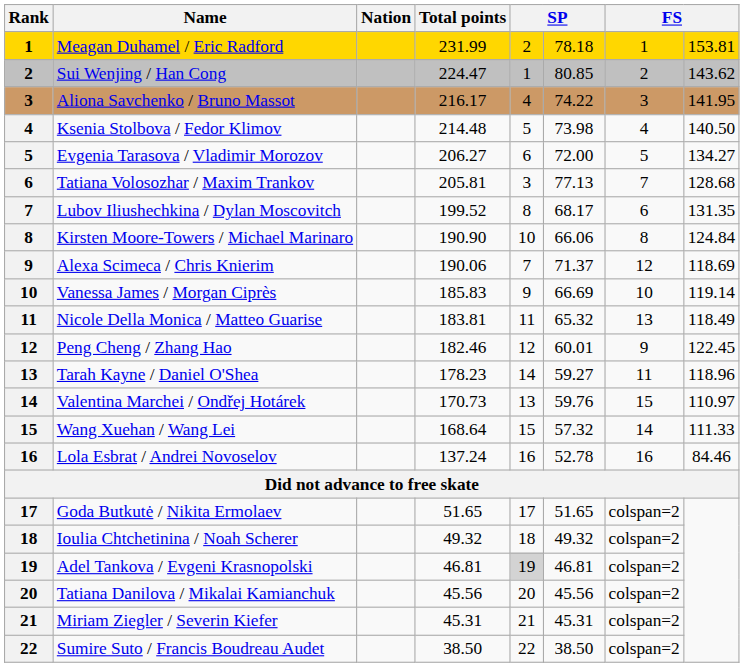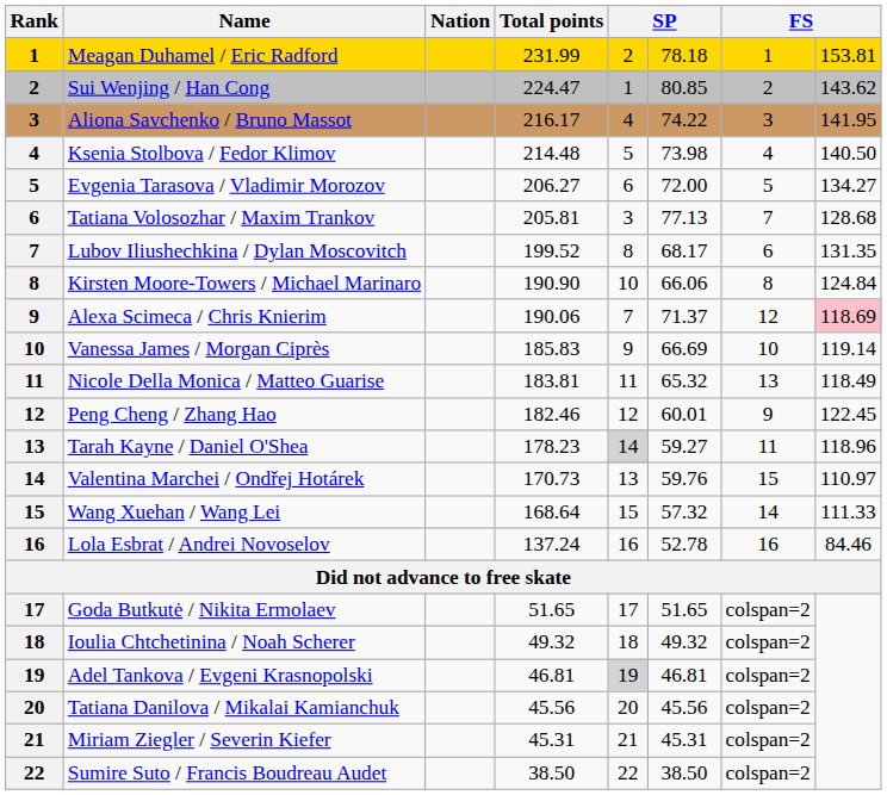 <table class="wikitable sortable">
 <tr>
 <th>Rank</th>
 <th>Name</th>
 <th>Nation</th>
 <th>Total points</th>
 <th colspan="2" width="80px"><a href='#'>SP</a></th>
 <th colspan="2" width="80px"><a href='#'>FS</a></th>
 </tr>
 <tr bgcolor="gold">
 <td align="center"><strong>1</strong></td>
 <td><a href='#'>Meagan Duhamel</a> / <a href='#'>Eric Radford</a></td>
 <td></td>
 <td align="center">231.99</td>
 <td align="center">2</td>
 <td align="center">78.18</td>
 <td align="center">1</td>
 <td align="center">153.81</td>
 </tr>
 <tr bgcolor="silver">
 <td align="center"><strong>2</strong></td>
 <td><a href='#'>Sui Wenjing</a> / <a href='#'>Han Cong</a></td>
 <td></td>
 <td align="center">224.47</td>
 <td align="center">1</td>
 <td align="center">80.85</td>
 <td align="center">2</td>
 <td align="center">143.62</td>
 </tr>
 <tr bgcolor="cc9966">
 <td align="center"><strong>3</strong></td>
 <td><a href='#'>Aliona Savchenko</a> / <a href='#'>Bruno Massot</a></td>
 <td></td>
 <td align="center">216.17</td>
 <td align="center">4</td>
 <td align="center">74.22</td>
 <td align="center">3</td>
 <td align="center">141.95</td>
 </tr>
 <tr>
 <th>4</th>
 <td><a href='#'>Ksenia Stolbova</a> / <a href='#'>Fedor Klimov</a></td>
 <td></td>
 <td align="center">214.48</td>
 <td align="center">5</td>
 <td align="center">73.98</td>
 <td align="center">4</td>
 <td align="center">140.50</td>
 </tr>
 <tr>
 <th>5</th>
 <td><a href='#'>Evgenia Tarasova</a> / <a href='#'>Vladimir Morozov</a></td>
 <td></td>
 <td align="center">206.27</td>
 <td align="center">6</td>
 <td align="center">72.00</td>
 <td align="center">5</td>
 <td align="center">134.27</td>
 </tr>
 <tr>
 <th>6</th>
 <td><a href='#'>Tatiana Volosozhar</a> / <a href='#'>Maxim Trankov</a></td>
 <td></td>
 <td align="center">205.81</td>
 <td align="center">3</td>
 <td align="center">77.13</td>
 <td align="center">7</td>
 <td align="center">128.68</td>
 </tr>
 <tr>
 <th>7</th>
 <td><a href='#'>Lubov Iliushechkina</a> / <a href='#'>Dylan Moscovitch</a></td>
 <td></td>
 <td align="center">199.52</td>
 <td align="center">8</td>
 <td align="center">68.17</td>
 <td align="center">6</td>
 <td align="center">131.35</td>
 </tr>
 <tr>
 <th>8</th>
 <td><a href='#'>Kirsten Moore-Towers</a> / <a href='#'>Michael Marinaro</a></td>
 <td></td>
 <td align="center">190.90</td>
 <td align="center">10</td>
 <td align="center">66.06</td>
 <td align="center">8</td>
 <td align="center">124.84</td>
 </tr>
 <tr>
 <th>9</th>
 <td><a href='#'>Alexa Scimeca</a> / <a href='#'>Chris Knierim</a></td>
 <td></td>
 <td align="center">190.06</td>
 <td align="center">7</td>
 <td align="center">71.37</td>
 <td align="center">12</td>
-<td align="center">118.69</td>
+<td align="center" style="background: pink;">118.69</td>
 </tr>
 <tr>
 <th>10</th>
 <td><a href='#'>Vanessa James</a> / <a href='#'>Morgan Ciprès</a></td>
 <td></td>
 <td align="center">185.83</td>
 <td align="center">9</td>
 <td align="center">66.69</td>
 <td align="center">10</td>
 <td align="center">119.14</td>
 </tr>
 <tr>
 <th>11</th>
 <td><a href='#'>Nicole Della Monica</a> / <a href='#'>Matteo Guarise</a></td>
 <td></td>
 <td align="center">183.81</td>
 <td align="center">11</td>
 <td align="center">65.32</td>
 <td align="center">13</td>
 <td align="center">118.49</td>
 </tr>
 <tr>
 <th>12</th>
 <td><a href='#'>Peng Cheng</a> / <a href='#'>Zhang Hao</a></td>
 <td></td>
 <td align="center">182.46</td>
 <td align="center">12</td>
 <td align="center">60.01</td>
 <td align="center">9</td>
 <td align="center">122.45</td>
 </tr>
 <tr>
 <th>13</th>
 <td><a href='#'>Tarah Kayne</a> / <a href='#'>Daniel O'Shea</a></td>
 <td></td>
 <td align="center">178.23</td>
-<td align="center">14</td>
+<td align="center" style="background: lightgrey;">14</td>
 <td align="center">59.27</td>
 <td align="center">11</td>
 <td align="center">118.96</td>
 </tr>
 <tr>
 <th>14</th>
 <td><a href='#'>Valentina Marchei</a> / <a href='#'>Ondřej Hotárek</a></td>
 <td></td>
 <td align="center">170.73</td>
 <td align="center">13</td>
 <td align="center">59.76</td>
 <td align="center">15</td>
 <td align="center">110.97</td>
 </tr>
 <tr>
 <th>15</th>
 <td><a href='#'>Wang Xuehan</a> / <a href='#'>Wang Lei</a></td>
 <td></td>
 <td align="center">168.64</td>
 <td align="center">15</td>
 <td align="center">57.32</td>
 <td align="center">14</td>
 <td align="center">111.33</td>
 </tr>
 <tr>
 <th>16</th>
 <td><a href='#'>Lola Esbrat</a> / <a href='#'>Andrei Novoselov</a></td>
 <td></td>
 <td align="center">137.24</td>
 <td align="center">16</td>
 <td align="center">52.78</td>
 <td align="center">16</td>
 <td align="center">84.46</td>
 </tr>
 <tr>
 <th colspan=10>Did not advance to free skate</th>
 </tr>
 <tr>
 <th>17</th>
 <td><a href='#'>Goda Butkutė</a> / <a href='#'>Nikita Ermolaev</a></td>
 <td></td>
 <td align="center">51.65</td>
 <td align="center">17</td>
 <td align="center">51.65</td>
 <td>colspan=2 </td>
 </tr>
 <tr>
 <th>18</th>
 <td><a href='#'>Ioulia Chtchetinina</a> / <a href='#'>Noah Scherer</a></td>
 <td></td>
 <td align="center">49.32</td>
 <td align="center">18</td>
 <td align="center">49.32</td>
 <td>colspan=2 </td>
 </tr>
 <tr>
 <th>19</th>
 <td><a href='#'>Adel Tankova</a> / <a href='#'>Evgeni Krasnopolski</a></td>
 <td></td>
 <td align="center">46.81</td>
 <td align="center" style="background: lightgrey;">19</td>
 <td align="center">46.81</td>
 <td>colspan=2 </td>
 </tr>
 <tr>
 <th>20</th>
 <td><a href='#'>Tatiana Danilova</a> / <a href='#'>Mikalai Kamianchuk</a></td>
 <td></td>
 <td align="center">45.56</td>
 <td align="center">20</td>
 <td align="center">45.56</td>
 <td>colspan=2 </td>
 </tr>
 <tr>
 <th>21</th>
 <td><a href='#'>Miriam Ziegler</a> / <a href='#'>Severin Kiefer</a></td>
 <td></td>
 <td align="center">45.31</td>
 <td align="center">21</td>
 <td align="center">45.31</td>
 <td>colspan=2 </td>
 </tr>
 <tr>
 <th>22</th>
 <td><a href='#'>Sumire Suto</a> / <a href='#'>Francis Boudreau Audet</a></td>
 <td></td>
 <td align="center">38.50</td>
 <td align="center">22</td>
 <td align="center">38.50</td>
 <td>colspan=2 </td>
 </tr>
 </table>
